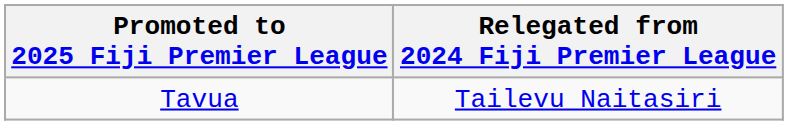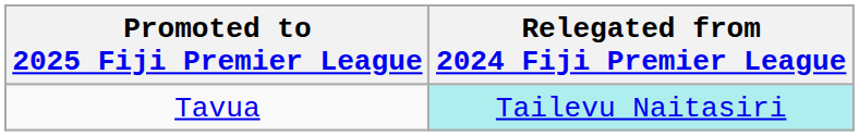 <table class="wikitable">
 <tr>
 <th> Promoted to<br><a href='#'>2025 Fiji Premier League</a></th>
 <th> Relegated from<br><a href='#'>2024 Fiji Premier League</a></th>
 </tr>
 <tr>
 <td align="center"><a href='#'>Tavua</a></td>
-<td align="center"><a href='#'>Tailevu Naitasiri</a></td>
+<td align="center" style="background: paleturquoise;"><a href='#'>Tailevu Naitasiri</a></td>
 </tr>
 </table>
